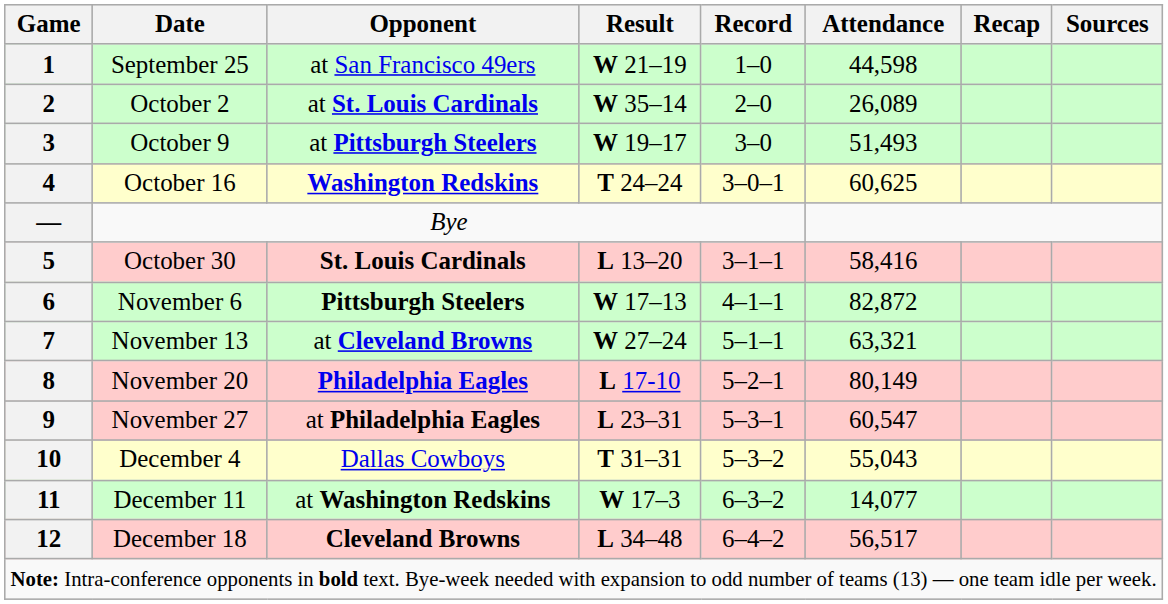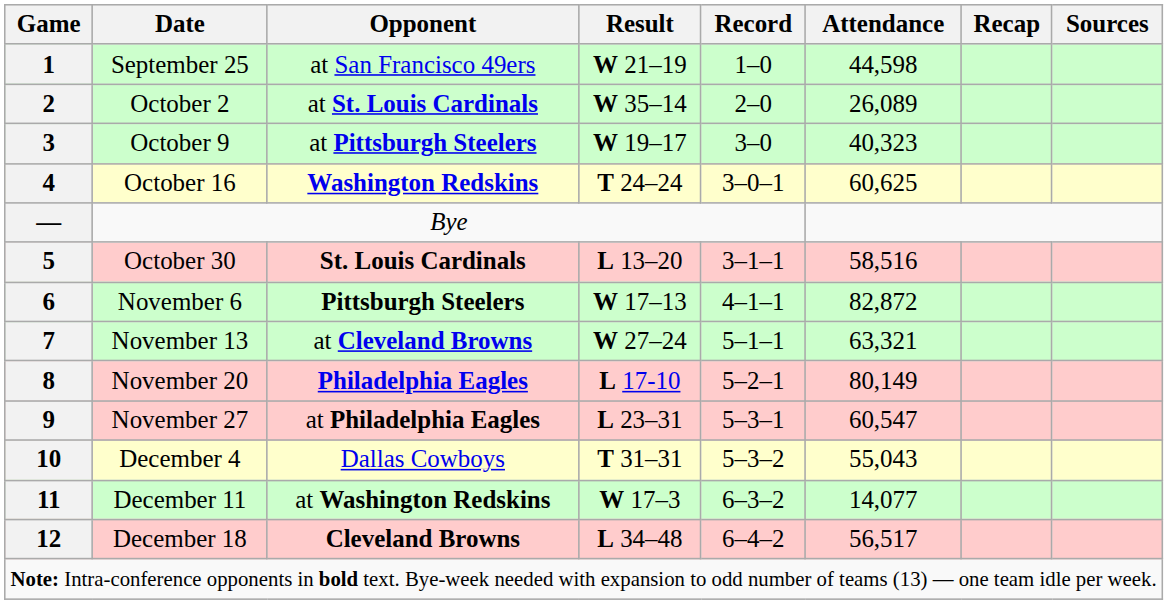 <table class="wikitable" style="text-align:center">
 <tr>
 <th>Game</th>
 <th>Date</th>
 <th>Opponent</th>
 <th>Result</th>
 <th>Record</th>
 <th>Attendance</th>
 <th>Recap</th>
 <th>Sources</th>
 </tr>
 <tr style="background:#cfc">
 <th>1</th>
 <td>September 25</td>
 <td>at <a href='#'>San Francisco 49ers</a></td>
 <td><strong>W</strong> 21–19</td>
 <td>1–0</td>
 <td>44,598</td>
 <td></td>
 <td></td>
 </tr>
 <tr style="background:#cfc">
 <th>2</th>
 <td>October 2</td>
 <td>at <strong><a href='#'>St. Louis Cardinals</a></strong></td>
 <td><strong>W</strong> 35–14</td>
 <td>2–0</td>
 <td>26,089</td>
 <td></td>
 <td></td>
 </tr>
 <tr style="background:#cfc">
 <th>3</th>
 <td>October 9</td>
 <td>at <strong><a href='#'>Pittsburgh Steelers</a></strong></td>
 <td><strong>W</strong> 19–17</td>
 <td>3–0</td>
-<td>51,493</td>
+<td>40,323</td>
 <td></td>
 <td></td>
 </tr>
 <tr style="background:#ffc">
 <th>4</th>
 <td>October 16</td>
 <td><strong><a href='#'>Washington Redskins</a></strong></td>
 <td><strong>T</strong> 24–24</td>
 <td>3–0–1</td>
 <td>60,625</td>
 <td></td>
 <td></td>
 </tr>
 <tr style="background:">
 <th>—</th>
 <td colspan=4 align="center"><em>Bye</em></td>
 </tr>
 <tr style="background:#fcc">
 <th>5</th>
 <td>October 30</td>
 <td><strong>St. Louis Cardinals</strong></td>
 <td><strong>L</strong> 13–20</td>
 <td>3–1–1</td>
-<td>58,416</td>
+<td>58,516</td>
 <td></td>
 <td></td>
 </tr>
 <tr style="background:#cfc">
 <th>6</th>
 <td>November 6</td>
 <td><strong>Pittsburgh Steelers</strong></td>
 <td><strong>W</strong> 17–13</td>
 <td>4–1–1</td>
 <td>82,872</td>
 <td></td>
 <td></td>
 </tr>
 <tr style="background:#cfc">
 <th>7</th>
 <td>November 13</td>
 <td>at <strong><a href='#'>Cleveland Browns</a></strong></td>
 <td><strong>W</strong> 27–24</td>
 <td>5–1–1</td>
 <td>63,321</td>
 <td></td>
 <td></td>
 </tr>
 <tr style="background:#fcc">
 <th>8</th>
 <td>November 20</td>
 <td><strong><a href='#'>Philadelphia Eagles</a></strong></td>
 <td><strong>L</strong> <a href='#'>17-10</a></td>
 <td>5–2–1</td>
 <td>80,149</td>
 <td></td>
 <td></td>
 </tr>
 <tr style="background:#fcc">
 <th>9</th>
 <td>November 27</td>
 <td>at <strong>Philadelphia Eagles</strong></td>
 <td><strong>L</strong> 23–31</td>
 <td>5–3–1</td>
 <td>60,547</td>
 <td></td>
 <td></td>
 </tr>
 <tr style="background:#ffc">
 <th>10</th>
 <td>December 4</td>
 <td><a href='#'>Dallas Cowboys</a></td>
 <td><strong>T</strong> 31–31</td>
 <td>5–3–2</td>
 <td>55,043</td>
 <td></td>
 <td></td>
 </tr>
 <tr style="background:#cfc">
 <th>11</th>
 <td>December 11</td>
 <td>at <strong>Washington Redskins</strong></td>
 <td><strong>W</strong> 17–3</td>
 <td>6–3–2</td>
 <td>14,077</td>
 <td></td>
 <td></td>
 </tr>
 <tr style="background:#fcc">
 <th>12</th>
 <td>December 18</td>
 <td><strong>Cleveland Browns</strong></td>
 <td><strong>L</strong> 34–48</td>
 <td>6–4–2</td>
 <td>56,517</td>
 <td></td>
 <td></td>
 </tr>
 <tr>
 <td colspan="10"><small><strong>Note:</strong> Intra-conference opponents in <strong>bold</strong> text. Bye-week needed with expansion to odd number of teams (13) — one team idle per week.</small></td>
 </tr>
 </table>
